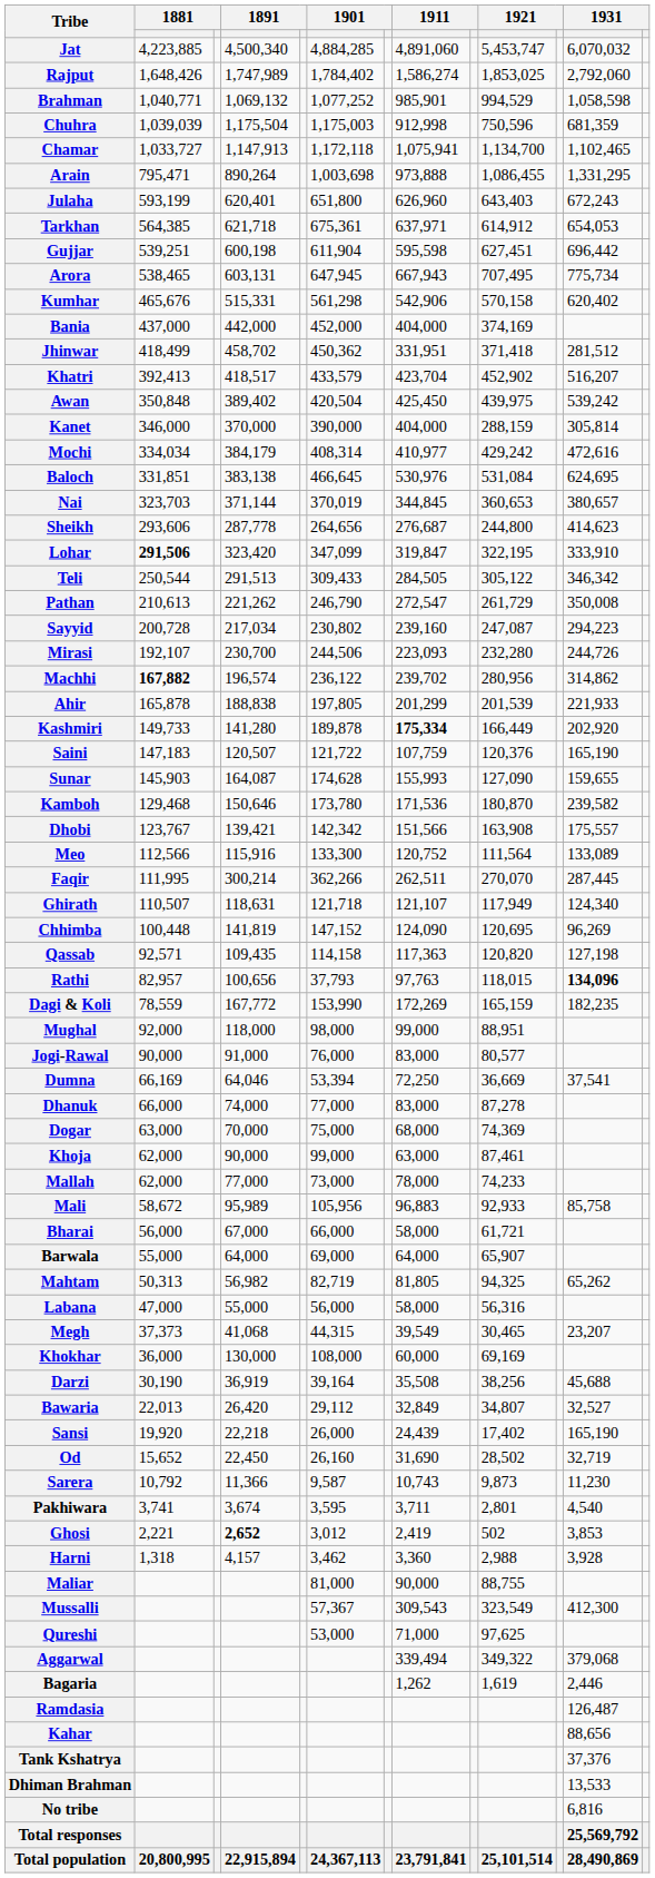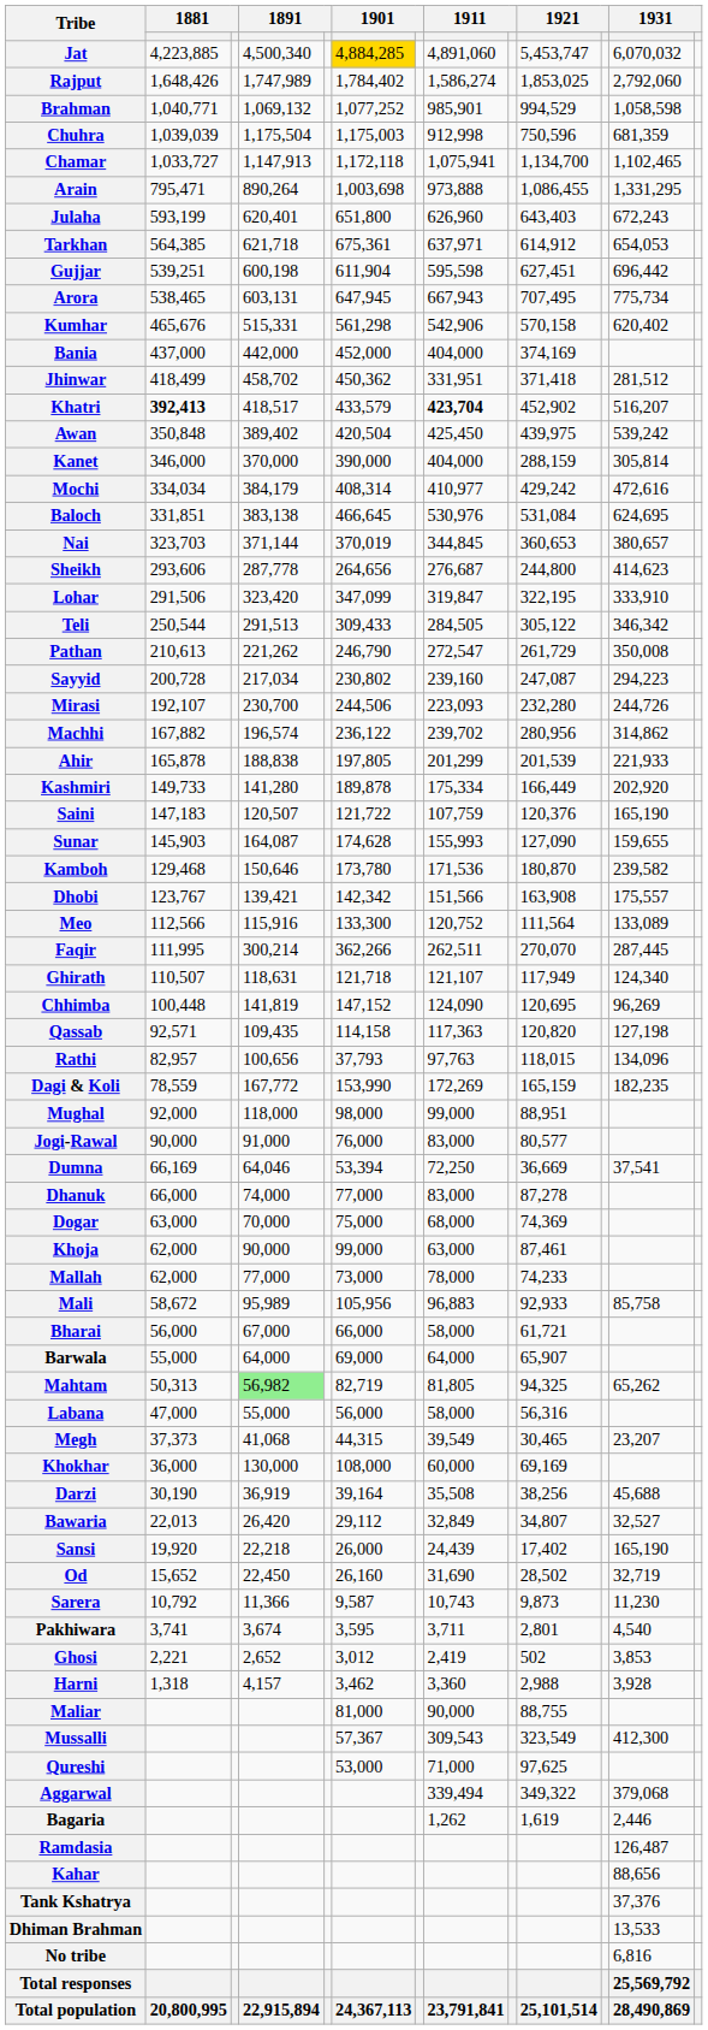 <table class="wikitable sortable">
 <tr>
 <th rowspan="2">Tribe</th>
 <th colspan="2">1881</th>
 <th colspan="2">1891</th>
 <th colspan="2">1901</th>
 <th colspan="2">1911</th>
 <th colspan="2">1921</th>
 <th colspan="2">1931</th>
 </tr>
 <tr>
 <th><a href='#'></a></th>
 <th></th>
 <th></th>
 <th></th>
 <th></th>
 <th></th>
 <th></th>
 <th></th>
 <th></th>
 <th></th>
 <th></th>
 <th></th>
 </tr>
 <tr>
 <th><a href='#'>Jat</a></th>
 <td>4,223,885</td>
 <td></td>
 <td>4,500,340</td>
 <td></td>
-<td>4,884,285</td>
+<td style="background: gold;">4,884,285</td>
 <td></td>
 <td>4,891,060</td>
 <td></td>
 <td>5,453,747</td>
 <td></td>
 <td>6,070,032</td>
 <td></td>
 </tr>
 <tr>
 <th><a href='#'>Rajput</a></th>
 <td>1,648,426</td>
 <td></td>
 <td>1,747,989</td>
 <td></td>
 <td>1,784,402</td>
 <td></td>
 <td>1,586,274</td>
 <td></td>
 <td>1,853,025</td>
 <td></td>
 <td>2,792,060</td>
 <td></td>
 </tr>
 <tr>
 <th><a href='#'>Brahman</a></th>
 <td>1,040,771</td>
 <td></td>
 <td>1,069,132</td>
 <td></td>
 <td>1,077,252</td>
 <td></td>
 <td>985,901</td>
 <td></td>
 <td>994,529</td>
 <td></td>
 <td>1,058,598</td>
 <td></td>
 </tr>
 <tr>
 <th><a href='#'>Chuhra</a></th>
 <td>1,039,039</td>
 <td></td>
 <td>1,175,504</td>
 <td></td>
 <td>1,175,003</td>
 <td></td>
 <td>912,998</td>
 <td></td>
 <td>750,596</td>
 <td></td>
 <td>681,359</td>
 <td></td>
 </tr>
 <tr>
 <th><a href='#'>Chamar</a></th>
 <td>1,033,727</td>
 <td></td>
 <td>1,147,913</td>
 <td></td>
 <td>1,172,118</td>
 <td></td>
 <td>1,075,941</td>
 <td></td>
 <td>1,134,700</td>
 <td></td>
 <td>1,102,465</td>
 <td></td>
 </tr>
 <tr>
 <th><a href='#'>Arain</a></th>
 <td>795,471</td>
 <td></td>
 <td>890,264</td>
 <td></td>
 <td>1,003,698</td>
 <td></td>
 <td>973,888</td>
 <td></td>
 <td>1,086,455</td>
 <td></td>
 <td>1,331,295</td>
 <td></td>
 </tr>
 <tr>
 <th><a href='#'>Julaha</a></th>
 <td>593,199</td>
 <td></td>
 <td>620,401</td>
 <td></td>
 <td>651,800</td>
 <td></td>
 <td>626,960</td>
 <td></td>
 <td>643,403</td>
 <td></td>
 <td>672,243</td>
 <td></td>
 </tr>
 <tr>
 <th><a href='#'>Tarkhan</a></th>
 <td>564,385</td>
 <td></td>
 <td>621,718</td>
 <td></td>
 <td>675,361</td>
 <td></td>
 <td>637,971</td>
 <td></td>
 <td>614,912</td>
 <td></td>
 <td>654,053</td>
 <td></td>
 </tr>
 <tr>
 <th><a href='#'>Gujjar</a></th>
 <td>539,251</td>
 <td></td>
 <td>600,198</td>
 <td></td>
 <td>611,904</td>
 <td></td>
 <td>595,598</td>
 <td></td>
 <td>627,451</td>
 <td></td>
 <td>696,442</td>
 <td></td>
 </tr>
 <tr>
 <th><a href='#'>Arora</a></th>
 <td>538,465</td>
 <td></td>
 <td>603,131</td>
 <td></td>
 <td>647,945</td>
 <td></td>
 <td>667,943</td>
 <td></td>
 <td>707,495</td>
 <td></td>
 <td>775,734</td>
 <td></td>
 </tr>
 <tr>
 <th><a href='#'>Kumhar</a></th>
 <td>465,676</td>
 <td></td>
 <td>515,331</td>
 <td></td>
 <td>561,298</td>
 <td></td>
 <td>542,906</td>
 <td></td>
 <td>570,158</td>
 <td></td>
 <td>620,402</td>
 <td></td>
 </tr>
 <tr>
 <th><a href='#'>Bania</a></th>
 <td>437,000</td>
 <td></td>
 <td>442,000</td>
 <td></td>
 <td>452,000</td>
 <td></td>
 <td>404,000</td>
 <td></td>
 <td>374,169</td>
 <td></td>
 <td></td>
 <td></td>
 </tr>
 <tr>
 <th><a href='#'>Jhinwar</a></th>
 <td>418,499</td>
 <td></td>
 <td>458,702</td>
 <td></td>
 <td>450,362</td>
 <td></td>
 <td>331,951</td>
 <td></td>
 <td>371,418</td>
 <td></td>
 <td>281,512</td>
 <td></td>
 </tr>
 <tr>
 <th><a href='#'>Khatri</a></th>
-<td>392,413</td>
+<td><strong>392,413</strong></td>
 <td></td>
 <td>418,517</td>
 <td></td>
 <td>433,579</td>
 <td></td>
-<td>423,704</td>
+<td><strong>423,704</strong></td>
 <td></td>
 <td>452,902</td>
 <td></td>
 <td>516,207</td>
 <td></td>
 </tr>
 <tr>
 <th><a href='#'>Awan</a></th>
 <td>350,848</td>
 <td></td>
 <td>389,402</td>
 <td></td>
 <td>420,504</td>
 <td></td>
 <td>425,450</td>
 <td></td>
 <td>439,975</td>
 <td></td>
 <td>539,242</td>
 <td></td>
 </tr>
 <tr>
 <th><a href='#'>Kanet</a></th>
 <td>346,000</td>
 <td></td>
 <td>370,000</td>
 <td></td>
 <td>390,000</td>
 <td></td>
 <td>404,000</td>
 <td></td>
 <td>288,159</td>
 <td></td>
 <td>305,814</td>
 <td></td>
 </tr>
 <tr>
 <th><a href='#'>Mochi</a></th>
 <td>334,034</td>
 <td></td>
 <td>384,179</td>
 <td></td>
 <td>408,314</td>
 <td></td>
 <td>410,977</td>
 <td></td>
 <td>429,242</td>
 <td></td>
 <td>472,616</td>
 <td></td>
 </tr>
 <tr>
 <th><a href='#'>Baloch</a></th>
 <td>331,851</td>
 <td></td>
 <td>383,138</td>
 <td></td>
 <td>466,645</td>
 <td></td>
 <td>530,976</td>
 <td></td>
 <td>531,084</td>
 <td></td>
 <td>624,695</td>
 <td></td>
 </tr>
 <tr>
 <th><a href='#'>Nai</a></th>
 <td>323,703</td>
 <td></td>
 <td>371,144</td>
 <td></td>
 <td>370,019</td>
 <td></td>
 <td>344,845</td>
 <td></td>
 <td>360,653</td>
 <td></td>
 <td>380,657</td>
 <td></td>
 </tr>
 <tr>
 <th><a href='#'>Sheikh</a></th>
 <td>293,606</td>
 <td></td>
 <td>287,778</td>
 <td></td>
 <td>264,656</td>
 <td></td>
 <td>276,687</td>
 <td></td>
 <td>244,800</td>
 <td></td>
 <td>414,623</td>
 <td></td>
 </tr>
 <tr>
 <th><a href='#'>Lohar</a></th>
-<td><strong>291,506</strong></td>
+<td>291,506</td>
 <td></td>
 <td>323,420</td>
 <td></td>
 <td>347,099</td>
 <td></td>
 <td>319,847</td>
 <td></td>
 <td>322,195</td>
 <td></td>
 <td>333,910</td>
 <td></td>
 </tr>
 <tr>
 <th><a href='#'>Teli</a></th>
 <td>250,544</td>
 <td></td>
 <td>291,513</td>
 <td></td>
 <td>309,433</td>
 <td></td>
 <td>284,505</td>
 <td></td>
 <td>305,122</td>
 <td></td>
 <td>346,342</td>
 <td></td>
 </tr>
 <tr>
 <th><a href='#'>Pathan</a></th>
 <td>210,613</td>
 <td></td>
 <td>221,262</td>
 <td></td>
 <td>246,790</td>
 <td></td>
 <td>272,547</td>
 <td></td>
 <td>261,729</td>
 <td></td>
 <td>350,008</td>
 <td></td>
 </tr>
 <tr>
 <th><a href='#'>Sayyid</a></th>
 <td>200,728</td>
 <td></td>
 <td>217,034</td>
 <td></td>
 <td>230,802</td>
 <td></td>
 <td>239,160</td>
 <td></td>
 <td>247,087</td>
 <td></td>
 <td>294,223</td>
 <td></td>
 </tr>
 <tr>
 <th><a href='#'>Mirasi</a></th>
 <td>192,107</td>
 <td></td>
 <td>230,700</td>
 <td></td>
 <td>244,506</td>
 <td></td>
 <td>223,093</td>
 <td></td>
 <td>232,280</td>
 <td></td>
 <td>244,726</td>
 <td></td>
 </tr>
 <tr>
 <th><a href='#'>Machhi</a></th>
-<td><strong>167,882</strong></td>
+<td>167,882</td>
 <td></td>
 <td>196,574</td>
 <td></td>
 <td>236,122</td>
 <td></td>
 <td>239,702</td>
 <td></td>
 <td>280,956</td>
 <td></td>
 <td>314,862</td>
 <td></td>
 </tr>
 <tr>
 <th><a href='#'>Ahir</a></th>
 <td>165,878</td>
 <td></td>
 <td>188,838</td>
 <td></td>
 <td>197,805</td>
 <td></td>
 <td>201,299</td>
 <td></td>
 <td>201,539</td>
 <td></td>
 <td>221,933</td>
 <td></td>
 </tr>
 <tr>
 <th><a href='#'>Kashmiri</a></th>
 <td>149,733</td>
 <td></td>
 <td>141,280</td>
 <td></td>
 <td>189,878</td>
 <td></td>
-<td><strong>175,334</strong></td>
+<td>175,334</td>
 <td></td>
 <td>166,449</td>
 <td></td>
 <td>202,920</td>
 <td></td>
 </tr>
 <tr>
 <th><a href='#'>Saini</a></th>
 <td>147,183</td>
 <td></td>
 <td>120,507</td>
 <td></td>
 <td>121,722</td>
 <td></td>
 <td>107,759</td>
 <td></td>
 <td>120,376</td>
 <td></td>
 <td>165,190</td>
 <td></td>
 </tr>
 <tr>
 <th><a href='#'>Sunar</a></th>
 <td>145,903</td>
 <td></td>
 <td>164,087</td>
 <td></td>
 <td>174,628</td>
 <td></td>
 <td>155,993</td>
 <td></td>
 <td>127,090</td>
 <td></td>
 <td>159,655</td>
 <td></td>
 </tr>
 <tr>
 <th><a href='#'>Kamboh</a></th>
 <td>129,468</td>
 <td></td>
 <td>150,646</td>
 <td></td>
 <td>173,780</td>
 <td></td>
 <td>171,536</td>
 <td></td>
 <td>180,870</td>
 <td></td>
 <td>239,582</td>
 <td></td>
 </tr>
 <tr>
 <th><a href='#'>Dhobi</a></th>
 <td>123,767</td>
 <td></td>
 <td>139,421</td>
 <td></td>
 <td>142,342</td>
 <td></td>
 <td>151,566</td>
 <td></td>
 <td>163,908</td>
 <td></td>
 <td>175,557</td>
 <td></td>
 </tr>
 <tr>
 <th><a href='#'>Meo</a></th>
 <td>112,566</td>
 <td></td>
 <td>115,916</td>
 <td></td>
 <td>133,300</td>
 <td></td>
 <td>120,752</td>
 <td></td>
 <td>111,564</td>
 <td></td>
 <td>133,089</td>
 <td></td>
 </tr>
 <tr>
 <th><a href='#'>Faqir</a></th>
 <td>111,995</td>
 <td></td>
 <td>300,214</td>
 <td></td>
 <td>362,266</td>
 <td></td>
 <td>262,511</td>
 <td></td>
 <td>270,070</td>
 <td></td>
 <td>287,445</td>
 <td></td>
 </tr>
 <tr>
 <th><a href='#'>Ghirath</a></th>
 <td>110,507</td>
 <td></td>
 <td>118,631</td>
 <td></td>
 <td>121,718</td>
 <td></td>
 <td>121,107</td>
 <td></td>
 <td>117,949</td>
 <td></td>
 <td>124,340</td>
 <td></td>
 </tr>
 <tr>
 <th><a href='#'>Chhimba</a></th>
 <td>100,448</td>
 <td></td>
 <td>141,819</td>
 <td></td>
 <td>147,152</td>
 <td></td>
 <td>124,090</td>
 <td></td>
 <td>120,695</td>
 <td></td>
 <td>96,269</td>
 <td></td>
 </tr>
 <tr>
 <th><a href='#'>Qassab</a></th>
 <td>92,571</td>
 <td></td>
 <td>109,435</td>
 <td></td>
 <td>114,158</td>
 <td></td>
 <td>117,363</td>
 <td></td>
 <td>120,820</td>
 <td></td>
 <td>127,198</td>
 <td></td>
 </tr>
 <tr>
 <th><a href='#'>Rathi</a></th>
 <td>82,957</td>
 <td></td>
 <td>100,656</td>
 <td></td>
 <td>37,793</td>
 <td></td>
 <td>97,763</td>
 <td></td>
 <td>118,015</td>
 <td></td>
-<td><strong>134,096</strong></td>
+<td>134,096</td>
 <td></td>
 </tr>
 <tr>
 <th><a href='#'>Dagi</a> & <a href='#'>Koli</a></th>
 <td>78,559</td>
 <td></td>
 <td>167,772</td>
 <td></td>
 <td>153,990</td>
 <td></td>
 <td>172,269</td>
 <td></td>
 <td>165,159</td>
 <td></td>
 <td>182,235</td>
 <td></td>
 </tr>
 <tr>
 <th><a href='#'>Mughal</a></th>
 <td>92,000</td>
 <td></td>
 <td>118,000</td>
 <td></td>
 <td>98,000</td>
 <td></td>
 <td>99,000</td>
 <td></td>
 <td>88,951</td>
 <td></td>
 <td></td>
 <td></td>
 </tr>
 <tr>
 <th><a href='#'>Jogi</a>-<a href='#'>Rawal</a></th>
 <td>90,000</td>
 <td></td>
 <td>91,000</td>
 <td></td>
 <td>76,000</td>
 <td></td>
 <td>83,000</td>
 <td></td>
 <td>80,577</td>
 <td></td>
 <td></td>
 <td></td>
 </tr>
 <tr>
 <th><a href='#'>Dumna</a></th>
 <td>66,169</td>
 <td></td>
 <td>64,046</td>
 <td></td>
 <td>53,394</td>
 <td></td>
 <td>72,250</td>
 <td></td>
 <td>36,669</td>
 <td></td>
 <td>37,541</td>
 <td></td>
 </tr>
 <tr>
 <th><a href='#'>Dhanuk</a></th>
 <td>66,000</td>
 <td></td>
 <td>74,000</td>
 <td></td>
 <td>77,000</td>
 <td></td>
 <td>83,000</td>
 <td></td>
 <td>87,278</td>
 <td></td>
 <td></td>
 <td></td>
 </tr>
 <tr>
 <th><a href='#'>Dogar</a></th>
 <td>63,000</td>
 <td></td>
 <td>70,000</td>
 <td></td>
 <td>75,000</td>
 <td></td>
 <td>68,000</td>
 <td></td>
 <td>74,369</td>
 <td></td>
 <td></td>
 <td></td>
 </tr>
 <tr>
 <th><a href='#'>Khoja</a></th>
 <td>62,000</td>
 <td></td>
 <td>90,000</td>
 <td></td>
 <td>99,000</td>
 <td></td>
 <td>63,000</td>
 <td></td>
 <td>87,461</td>
 <td></td>
 <td></td>
 <td></td>
 </tr>
 <tr>
 <th><a href='#'>Mallah</a></th>
 <td>62,000</td>
 <td></td>
 <td>77,000</td>
 <td></td>
 <td>73,000</td>
 <td></td>
 <td>78,000</td>
 <td></td>
 <td>74,233</td>
 <td></td>
 <td></td>
 <td></td>
 </tr>
 <tr>
 <th><a href='#'>Mali</a></th>
 <td>58,672</td>
 <td></td>
 <td>95,989</td>
 <td></td>
 <td>105,956</td>
 <td></td>
 <td>96,883</td>
 <td></td>
 <td>92,933</td>
 <td></td>
 <td>85,758</td>
 <td></td>
 </tr>
 <tr>
 <th><a href='#'>Bharai</a></th>
 <td>56,000</td>
 <td></td>
 <td>67,000</td>
 <td></td>
 <td>66,000</td>
 <td></td>
 <td>58,000</td>
 <td></td>
 <td>61,721</td>
 <td></td>
 <td></td>
 <td></td>
 </tr>
 <tr>
 <th>Barwala</th>
 <td>55,000</td>
 <td></td>
 <td>64,000</td>
 <td></td>
 <td>69,000</td>
 <td></td>
 <td>64,000</td>
 <td></td>
 <td>65,907</td>
 <td></td>
 <td></td>
 <td></td>
 </tr>
 <tr>
 <th><a href='#'>Mahtam</a></th>
 <td>50,313</td>
 <td></td>
-<td>56,982</td>
+<td style="background: lightgreen;">56,982</td>
 <td></td>
 <td>82,719</td>
 <td></td>
 <td>81,805</td>
 <td></td>
 <td>94,325</td>
 <td></td>
 <td>65,262</td>
 <td></td>
 </tr>
 <tr>
 <th><a href='#'>Labana</a></th>
 <td>47,000</td>
 <td></td>
 <td>55,000</td>
 <td></td>
 <td>56,000</td>
 <td></td>
 <td>58,000</td>
 <td></td>
 <td>56,316</td>
 <td></td>
 <td></td>
 <td></td>
 </tr>
 <tr>
 <th><a href='#'>Megh</a></th>
 <td>37,373</td>
 <td></td>
 <td>41,068</td>
 <td></td>
 <td>44,315</td>
 <td></td>
 <td>39,549</td>
 <td></td>
 <td>30,465</td>
 <td></td>
 <td>23,207</td>
 <td></td>
 </tr>
 <tr>
 <th><a href='#'>Khokhar</a></th>
 <td>36,000</td>
 <td></td>
 <td>130,000</td>
 <td></td>
 <td>108,000</td>
 <td></td>
 <td>60,000</td>
 <td></td>
 <td>69,169</td>
 <td></td>
 <td></td>
 <td></td>
 </tr>
 <tr>
 <th><a href='#'>Darzi</a></th>
 <td>30,190</td>
 <td></td>
 <td>36,919</td>
 <td></td>
 <td>39,164</td>
 <td></td>
 <td>35,508</td>
 <td></td>
 <td>38,256</td>
 <td></td>
 <td>45,688</td>
 <td></td>
 </tr>
 <tr>
 <th><a href='#'>Bawaria</a></th>
 <td>22,013</td>
 <td></td>
 <td>26,420</td>
 <td></td>
 <td>29,112</td>
 <td></td>
 <td>32,849</td>
 <td></td>
 <td>34,807</td>
 <td></td>
 <td>32,527</td>
 <td></td>
 </tr>
 <tr>
 <th><a href='#'>Sansi</a></th>
 <td>19,920</td>
 <td></td>
 <td>22,218</td>
 <td></td>
 <td>26,000</td>
 <td></td>
 <td>24,439</td>
 <td></td>
 <td>17,402</td>
 <td></td>
 <td>165,190</td>
 <td></td>
 </tr>
 <tr>
 <th><a href='#'>Od</a></th>
 <td>15,652</td>
 <td></td>
 <td>22,450</td>
 <td></td>
 <td>26,160</td>
 <td></td>
 <td>31,690</td>
 <td></td>
 <td>28,502</td>
 <td></td>
 <td>32,719</td>
 <td></td>
 </tr>
 <tr>
 <th><a href='#'>Sarera</a></th>
 <td>10,792</td>
 <td></td>
 <td>11,366</td>
 <td></td>
 <td>9,587</td>
 <td></td>
 <td>10,743</td>
 <td></td>
 <td>9,873</td>
 <td></td>
 <td>11,230</td>
 <td></td>
 </tr>
 <tr>
 <th>Pakhiwara</th>
 <td>3,741</td>
 <td></td>
 <td>3,674</td>
 <td></td>
 <td>3,595</td>
 <td></td>
 <td>3,711</td>
 <td></td>
 <td>2,801</td>
 <td></td>
 <td>4,540</td>
 <td></td>
 </tr>
 <tr>
 <th><a href='#'>Ghosi</a></th>
 <td>2,221</td>
 <td></td>
-<td><strong>2,652</strong></td>
+<td>2,652</td>
 <td></td>
 <td>3,012</td>
 <td></td>
 <td>2,419</td>
 <td></td>
 <td>502</td>
 <td></td>
 <td>3,853</td>
 <td></td>
 </tr>
 <tr>
 <th><a href='#'>Harni</a></th>
 <td>1,318</td>
 <td></td>
 <td>4,157</td>
 <td></td>
 <td>3,462</td>
 <td></td>
 <td>3,360</td>
 <td></td>
 <td>2,988</td>
 <td></td>
 <td>3,928</td>
 <td></td>
 </tr>
 <tr>
 <th><a href='#'>Maliar</a></th>
 <td></td>
 <td></td>
 <td></td>
 <td></td>
 <td>81,000</td>
 <td></td>
 <td>90,000</td>
 <td></td>
 <td>88,755</td>
 <td></td>
 <td></td>
 <td></td>
 </tr>
 <tr>
 <th><a href='#'>Mussalli</a></th>
 <td></td>
 <td></td>
 <td></td>
 <td></td>
 <td>57,367</td>
 <td></td>
 <td>309,543</td>
 <td></td>
 <td>323,549</td>
 <td></td>
 <td>412,300</td>
 <td></td>
 </tr>
 <tr>
 <th><a href='#'>Qureshi</a></th>
 <td></td>
 <td></td>
 <td></td>
 <td></td>
 <td>53,000</td>
 <td></td>
 <td>71,000</td>
 <td></td>
 <td>97,625</td>
 <td></td>
 <td></td>
 <td></td>
 </tr>
 <tr>
 <th><a href='#'>Aggarwal</a></th>
 <td></td>
 <td></td>
 <td></td>
 <td></td>
 <td></td>
 <td></td>
 <td>339,494</td>
 <td></td>
 <td>349,322</td>
 <td></td>
 <td>379,068</td>
 <td></td>
 </tr>
 <tr>
 <th>Bagaria</th>
 <td></td>
 <td></td>
 <td></td>
 <td></td>
 <td></td>
 <td></td>
 <td>1,262</td>
 <td></td>
 <td>1,619</td>
 <td></td>
 <td>2,446</td>
 <td></td>
 </tr>
 <tr>
 <th><a href='#'>Ramdasia</a></th>
 <td></td>
 <td></td>
 <td></td>
 <td></td>
 <td></td>
 <td></td>
 <td></td>
 <td></td>
 <td></td>
 <td></td>
 <td>126,487</td>
 <td></td>
 </tr>
 <tr>
 <th><a href='#'>Kahar</a></th>
 <td></td>
 <td></td>
 <td></td>
 <td></td>
 <td></td>
 <td></td>
 <td></td>
 <td></td>
 <td></td>
 <td></td>
 <td>88,656</td>
 <td></td>
 </tr>
 <tr>
 <th>Tank Kshatrya</th>
 <td></td>
 <td></td>
 <td></td>
 <td></td>
 <td></td>
 <td></td>
 <td></td>
 <td></td>
 <td></td>
 <td></td>
 <td>37,376</td>
 <td></td>
 </tr>
 <tr>
 <th>Dhiman Brahman</th>
 <td></td>
 <td></td>
 <td></td>
 <td></td>
 <td></td>
 <td></td>
 <td></td>
 <td></td>
 <td></td>
 <td></td>
 <td>13,533</td>
 <td></td>
 </tr>
 <tr>
 <th>No tribe</th>
 <td></td>
 <td></td>
 <td></td>
 <td></td>
 <td></td>
 <td></td>
 <td></td>
 <td></td>
 <td></td>
 <td></td>
 <td>6,816</td>
 <td></td>
 </tr>
 <tr>
 <th>Total responses</th>
 <th></th>
 <th></th>
 <th></th>
 <th></th>
 <th></th>
 <th></th>
 <th></th>
 <th></th>
 <th></th>
 <th></th>
 <th>25,569,792</th>
 <th></th>
 </tr>
 <tr class="sortbottom">
 <th>Total population</th>
 <th>20,800,995</th>
 <th></th>
 <th>22,915,894</th>
 <th></th>
 <th>24,367,113</th>
 <th></th>
 <th>23,791,841</th>
 <th></th>
 <th>25,101,514</th>
 <th></th>
 <th>28,490,869</th>
 <th></th>
 </tr>
 </table>
